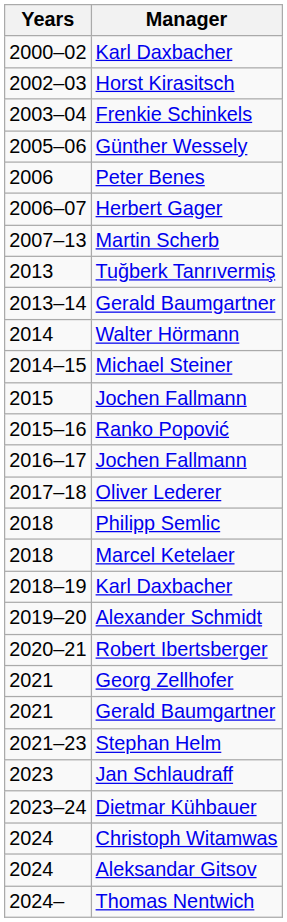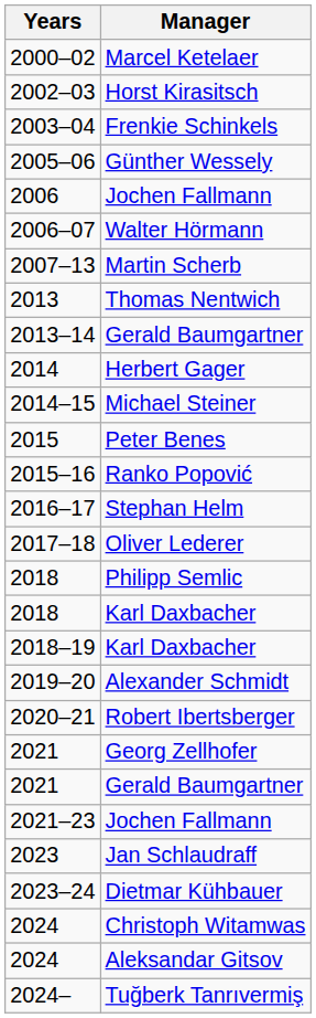 <table class="wikitable" style="text-align:left;">
 <tr>
 <th>Years</th>
 <th>Manager</th>
 </tr>
 <tr>
 <td>2000–02</td>
-<td> <a href='#'>Karl Daxbacher</a></td>
+<td> <a href='#'>Marcel Ketelaer</a></td>
 </tr>
 <tr>
 <td>2002–03</td>
 <td> <a href='#'>Horst Kirasitsch</a></td>
 </tr>
 <tr>
 <td>2003–04</td>
 <td> <a href='#'>Frenkie Schinkels</a></td>
 </tr>
 <tr>
 <td>2005–06</td>
 <td> <a href='#'>Günther Wessely</a></td>
 </tr>
 <tr>
 <td>2006</td>
-<td> <a href='#'>Peter Benes</a></td>
+<td> <a href='#'>Jochen Fallmann</a></td>
 </tr>
 <tr>
 <td>2006–07</td>
-<td> <a href='#'>Herbert Gager</a></td>
+<td> <a href='#'>Walter Hörmann</a></td>
 </tr>
 <tr>
 <td>2007–13</td>
 <td> <a href='#'>Martin Scherb</a></td>
 </tr>
 <tr>
 <td>2013</td>
-<td> <a href='#'>Tuğberk Tanrıvermiş</a></td>
+<td> <a href='#'>Thomas Nentwich</a></td>
 </tr>
 <tr>
 <td>2013–14</td>
 <td> <a href='#'>Gerald Baumgartner</a></td>
 </tr>
 <tr>
 <td>2014</td>
-<td> <a href='#'>Walter Hörmann</a></td>
+<td> <a href='#'>Herbert Gager</a></td>
 </tr>
 <tr>
 <td>2014–15</td>
 <td> <a href='#'>Michael Steiner</a></td>
 </tr>
 <tr>
 <td>2015</td>
-<td> <a href='#'>Jochen Fallmann</a></td>
+<td> <a href='#'>Peter Benes</a></td>
 </tr>
 <tr>
 <td>2015–16</td>
 <td> <a href='#'>Ranko Popović</a></td>
 </tr>
 <tr>
 <td>2016–17</td>
-<td> <a href='#'>Jochen Fallmann</a></td>
+<td> <a href='#'>Stephan Helm</a></td>
 </tr>
 <tr>
 <td>2017–18</td>
 <td> <a href='#'>Oliver Lederer</a></td>
 </tr>
 <tr>
 <td>2018</td>
 <td> <a href='#'>Philipp Semlic</a></td>
 </tr>
 <tr>
 <td>2018</td>
-<td> <a href='#'>Marcel Ketelaer</a></td>
+<td> <a href='#'>Karl Daxbacher</a></td>
 </tr>
 <tr>
 <td>2018–19</td>
 <td> <a href='#'>Karl Daxbacher</a></td>
 </tr>
 <tr>
 <td>2019–20</td>
 <td> <a href='#'>Alexander Schmidt</a></td>
 </tr>
 <tr>
 <td>2020–21</td>
 <td> <a href='#'>Robert Ibertsberger</a></td>
 </tr>
 <tr>
 <td>2021</td>
 <td> <a href='#'>Georg Zellhofer</a></td>
 </tr>
 <tr>
 <td>2021</td>
 <td> <a href='#'>Gerald Baumgartner</a></td>
 </tr>
 <tr>
 <td>2021–23</td>
-<td> <a href='#'>Stephan Helm</a></td>
+<td> <a href='#'>Jochen Fallmann</a></td>
 </tr>
 <tr>
 <td>2023</td>
 <td> <a href='#'>Jan Schlaudraff</a></td>
 </tr>
 <tr>
 <td>2023–24</td>
 <td> <a href='#'>Dietmar Kühbauer</a></td>
 </tr>
 <tr>
 <td>2024</td>
 <td> <a href='#'>Christoph Witamwas</a></td>
 </tr>
 <tr>
 <td>2024</td>
 <td> <a href='#'>Aleksandar Gitsov</a></td>
 </tr>
 <tr>
 <td>2024–</td>
-<td> <a href='#'>Thomas Nentwich</a></td>
+<td> <a href='#'>Tuğberk Tanrıvermiş</a></td>
 </tr>
 </table>
